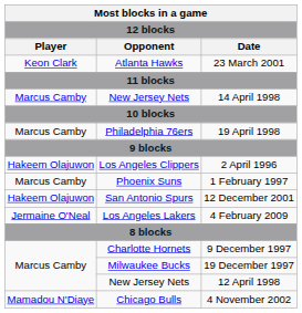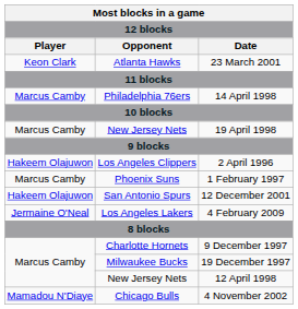 <table class="wikitable" style="text-align:center">
 <tr>
 <th colspan="4">Most blocks in a game</th>
 </tr>
 <tr>
 <th colspan="4" style="text-align:center; background:#A1A1A4; color:#061922;">12 blocks</th>
 </tr>
 <tr>
 <th>Player</th>
 <th>Opponent</th>
 <th>Date</th>
 </tr>
 <tr>
 <td><a href='#'>Keon Clark</a></td>
 <td><a href='#'>Atlanta Hawks</a></td>
 <td>23 March 2001</td>
 </tr>
 <tr>
 <th colspan="4" style="text-align:center; background:#A1A1A4; color:#061922;">11 blocks</th>
 </tr>
 <tr>
 <td><a href='#'>Marcus Camby</a></td>
-<td><a href='#'>New Jersey Nets</a></td>
+<td><a href='#'>Philadelphia 76ers</a></td>
 <td>14 April 1998</td>
 </tr>
 <tr>
 <th colspan="4" style="text-align:center; background:#A1A1A4; color:#061922;">10 blocks</th>
 </tr>
 <tr>
 <td>Marcus Camby</td>
-<td><a href='#'>Philadelphia 76ers</a></td>
+<td><a href='#'>New Jersey Nets</a></td>
 <td>19 April 1998</td>
 </tr>
 <tr>
 <th colspan="4" style="text-align:center; background:#A1A1A4; color:#061922;">9 blocks</th>
 </tr>
 <tr>
 <td><a href='#'>Hakeem Olajuwon</a></td>
 <td><a href='#'>Los Angeles Clippers</a></td>
 <td>2 April 1996</td>
 </tr>
 <tr>
 <td>Marcus Camby</td>
 <td><a href='#'>Phoenix Suns</a></td>
 <td>1 February 1997</td>
 </tr>
 <tr>
 <td><a href='#'>Hakeem Olajuwon</a></td>
 <td><a href='#'>San Antonio Spurs</a></td>
 <td>12 December 2001</td>
 </tr>
 <tr>
 <td><a href='#'>Jermaine O'Neal</a></td>
 <td><a href='#'>Los Angeles Lakers</a></td>
 <td>4 February 2009</td>
 </tr>
 <tr>
 <th colspan="4" style="text-align:center; background:#A1A1A4; color:#061922;">8 blocks</th>
 </tr>
 <tr>
 <td rowspan=3>Marcus Camby</td>
 <td><a href='#'>Charlotte Hornets</a></td>
 <td>9 December 1997</td>
 </tr>
 <tr>
 <td><a href='#'>Milwaukee Bucks</a></td>
 <td>19 December 1997</td>
 </tr>
 <tr>
 <td>New Jersey Nets</td>
 <td>12 April 1998</td>
 </tr>
 <tr>
 <td><a href='#'>Mamadou N'Diaye</a></td>
 <td><a href='#'>Chicago Bulls</a></td>
 <td>4 November 2002</td>
 </tr>
 </table>
